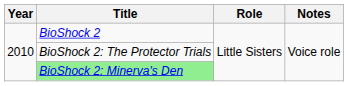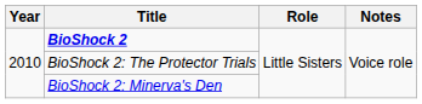 <table class="wikitable sortable">
 <tr>
 <th>Year</th>
 <th>Title</th>
 <th>Role</th>
 <th class="unsortable">Notes</th>
 </tr>
 <tr>
 <td rowspan="3">2010</td>
-<td><em><a href='#'>BioShock 2</a></em></td>
+<td><strong><em><a href='#'>BioShock 2</a></em></strong></td>
 <td rowspan="3">Little Sisters</td>
 <td rowspan="3">Voice role</td>
 </tr>
 <tr>
 <td><em>BioShock 2: The Protector Trials</em></td>
 </tr>
 <tr>
-<td style="background: lightgreen;"><em><a href='#'>BioShock 2: Minerva's Den</a></em></td>
+<td><em><a href='#'>BioShock 2: Minerva's Den</a></em></td>
 </tr>
 </table>
